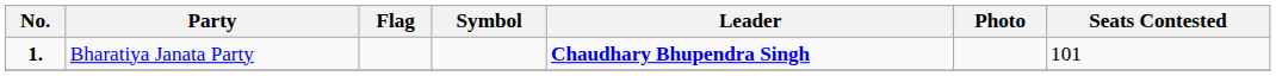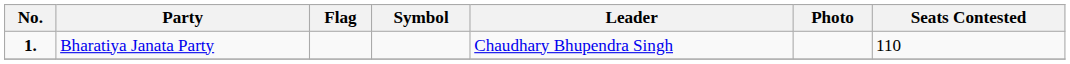 <table class="wikitable sortable" width="50%">
 <tr>
 <th>No.</th>
 <th>Party</th>
 <th>Flag</th>
 <th>Symbol</th>
 <th>Leader</th>
 <th>Photo</th>
 <th>Seats Contested</th>
 </tr>
 <tr>
 <td ! style="text-align:center; background:"><strong>1.</strong></td>
 <td><a href='#'>Bharatiya Janata Party</a></td>
 <td></td>
 <td></td>
-<td><strong><a href='#'>Chaudhary Bhupendra Singh</a></strong></td>
+<td><a href='#'>Chaudhary Bhupendra Singh</a></td>
 <td></td>
-<td>101</td>
+<td>110</td>
 </tr>
 <tr>
 </tr>
 </table>
